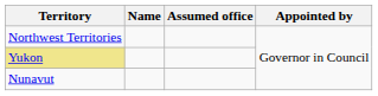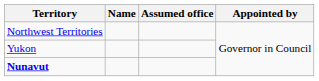 <table class="wikitable sortable">
 <tr>
 <th align="left">Territory</th>
 <th align="left">Name</th>
 <th>Assumed office</th>
 <th>Appointed by</th>
 </tr>
 <tr>
 <td> <a href='#'>Northwest Territories</a></td>
 <td></td>
 <td></td>
 <td rowspan="3">Governor in Council</td>
 </tr>
 <tr>
-<td style="background: khaki;"> <a href='#'>Yukon</a></td>
+<td> <a href='#'>Yukon</a></td>
 <td></td>
 <td></td>
 </tr>
 <tr>
-<td> <a href='#'>Nunavut</a></td>
+<td><strong> <a href='#'>Nunavut</a></strong></td>
 <td></td>
 <td></td>
 </tr>
 </table>
